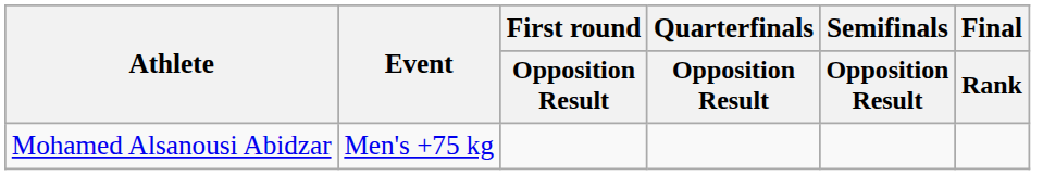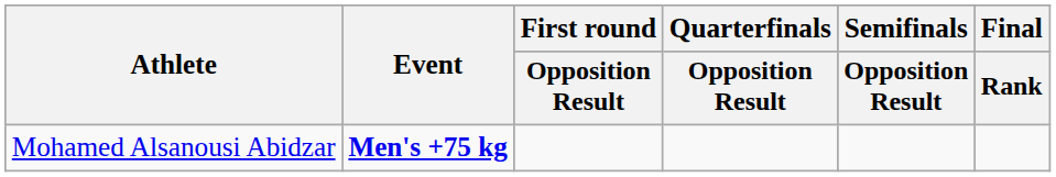 <table class="wikitable" style="font-size:90%;">
 <tr>
 <th rowspan=2>Athlete</th>
 <th rowspan=2>Event</th>
 <th>First round</th>
 <th>Quarterfinals</th>
 <th>Semifinals</th>
 <th colspan=2>Final</th>
 </tr>
 <tr style="font-size:95%">
 <th>Opposition<br>Result</th>
 <th>Opposition<br>Result</th>
 <th>Opposition<br>Result</th>
 <th>Rank</th>
 </tr>
 <tr align=center>
 <td align=left><a href='#'>Mohamed Alsanousi Abidzar</a></td>
-<td align=left><a href='#'>Men's +75 kg</a></td>
+<td align=left><strong><a href='#'>Men's +75 kg</a></strong></td>
 <td></td>
 <td></td>
 <td></td>
 <td></td>
 </tr>
 </table>
